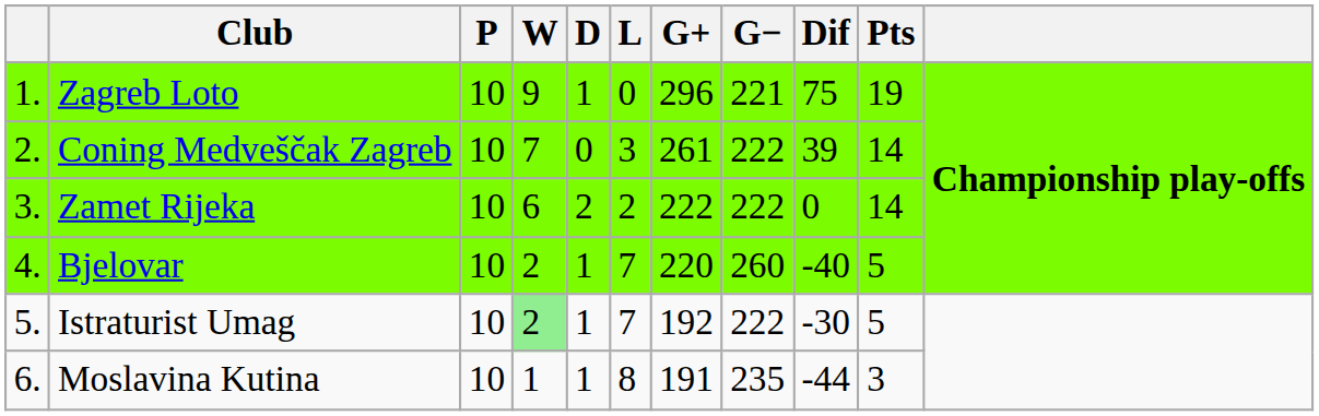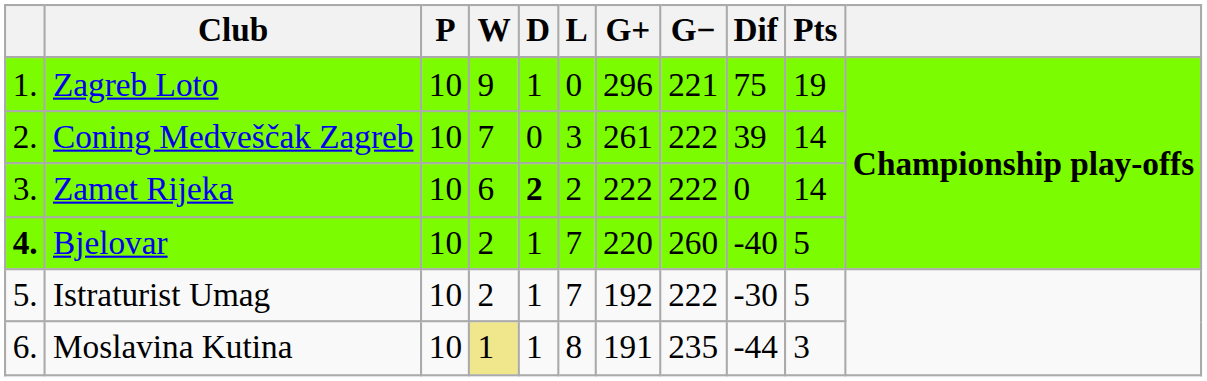 <table class="wikitable">
 <tr>
 <th></th>
 <th>Club</th>
 <th>P</th>
 <th>W</th>
 <th>D</th>
 <th>L</th>
 <th>G+</th>
 <th>G−</th>
 <th>Dif</th>
 <th>Pts</th>
 <th></th>
 </tr>
 <tr bgcolor="lawngreen">
 <td>1.</td>
 <td><a href='#'>Zagreb Loto</a></td>
 <td>10</td>
 <td>9</td>
 <td>1</td>
 <td>0</td>
 <td>296</td>
 <td>221</td>
 <td>75</td>
 <td>19</td>
 <td rowspan="4"><strong>Championship play-offs</strong></td>
 </tr>
 <tr bgcolor="lawngreen">
 <td>2.</td>
 <td><a href='#'>Coning Medveščak Zagreb</a></td>
 <td>10</td>
 <td>7</td>
 <td>0</td>
 <td>3</td>
 <td>261</td>
 <td>222</td>
 <td>39</td>
 <td>14</td>
 </tr>
 <tr bgcolor="lawngreen">
 <td>3.</td>
 <td><a href='#'>Zamet Rijeka</a></td>
 <td>10</td>
 <td>6</td>
-<td>2</td>
+<td><strong>2</strong></td>
 <td>2</td>
 <td>222</td>
 <td>222</td>
 <td>0</td>
 <td>14</td>
 </tr>
 <tr bgcolor="lawngreen">
-<td>4.</td>
+<td><strong>4.</strong></td>
 <td><a href='#'>Bjelovar</a></td>
 <td>10</td>
 <td>2</td>
 <td>1</td>
 <td>7</td>
 <td>220</td>
 <td>260</td>
 <td>-40</td>
 <td>5</td>
 </tr>
 <tr>
 <td>5.</td>
 <td>Istraturist Umag</td>
 <td>10</td>
-<td style="background: lightgreen;">2</td>
+<td>2</td>
 <td>1</td>
 <td>7</td>
 <td>192</td>
 <td>222</td>
 <td>-30</td>
 <td>5</td>
 <td rowspan="2"></td>
 </tr>
 <tr>
 <td>6.</td>
 <td>Moslavina Kutina</td>
 <td>10</td>
-<td>1</td>
+<td style="background: khaki;">1</td>
 <td>1</td>
 <td>8</td>
 <td>191</td>
 <td>235</td>
 <td>-44</td>
 <td>3</td>
 </tr>
 </table>
